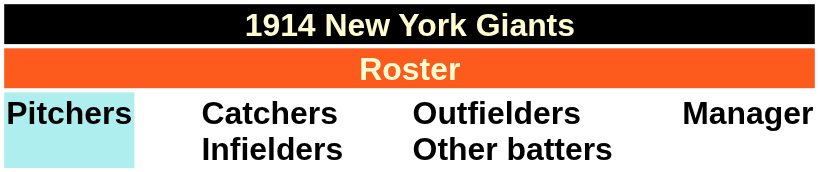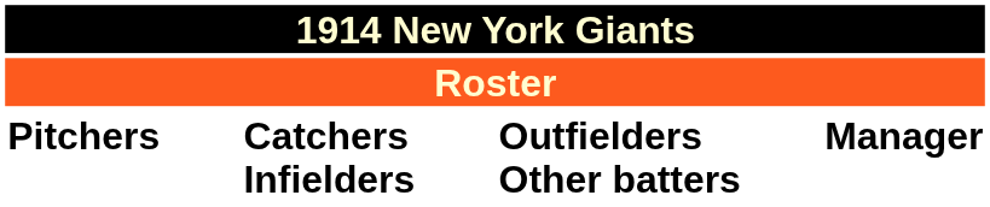 <table class="toccolours" style="font-size: 95%;">
 <tr>
 <th colspan="10" style="background-color: black; color: #FFFDD0; text-align: center;">1914 New York Giants</th>
 </tr>
 <tr>
 <td colspan="10" style="background-color: #fd5a1e; color: #FFFDD0; text-align: center;"><strong>Roster</strong></td>
 </tr>
 <tr>
-<td valign="top" style="background: paleturquoise;"><strong>Pitchers</strong><br>               </td>
+<td valign="top"><strong>Pitchers</strong><br>               </td>
 <td width="25px"></td>
 <td valign="top"><strong>Catchers</strong><br>    <strong>Infielders</strong>            </td>
 <td width="25px"></td>
 <td valign="top"><strong>Outfielders</strong><br>          <strong>Other batters</strong> </td>
 <td width="25px"></td>
 <td valign="top"><strong>Manager</strong><br></td>
 </tr>
 </table>
